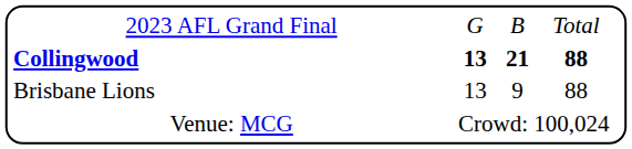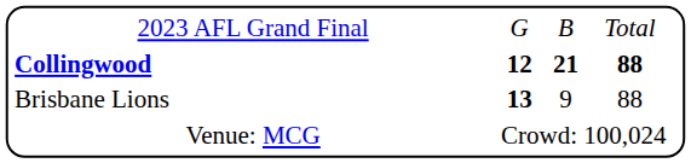 <table style="margin-right:4px; margin-left:4px; margin-top:8px; float:right; border:1px #000 solid; border-radius:8px; background:#fff; font-family:Verdana; font-size:8pt; text-align:center;">
 <tr>
 <td width="200"><a href='#'>2023 AFL Grand Final</a></td>
 <td><em>G</em></td>
 <td><em>B</em></td>
 <td><em>Total</em></td>
 </tr>
 <tr>
 <td style="text-align:left"><strong><a href='#'>Collingwood</a></strong></td>
-<td><strong>13</strong></td>
+<td><strong>12</strong></td>
 <td><strong>21</strong></td>
 <td><strong>88</strong></td>
 </tr>
 <tr>
 <td style="text-align:left">Brisbane Lions</td>
-<td>13</td>
+<td><strong>13</strong></td>
 <td>9</td>
 <td>88</td>
 </tr>
 <tr>
 <td>Venue: <a href='#'>MCG</a></td>
 <td colspan="3">Crowd: 100,024</td>
 <td colspan="3"></td>
 </tr>
 </table>
